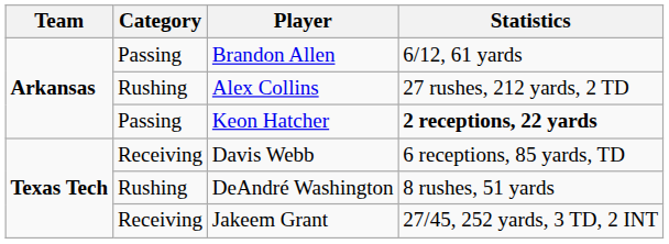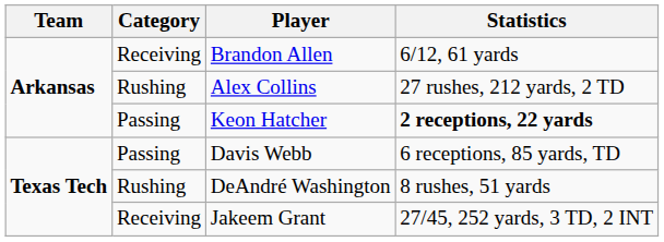 <table class="wikitable" style="float: right;">
 <tr>
 <th>Team</th>
 <th>Category</th>
 <th>Player</th>
 <th>Statistics</th>
 </tr>
 <tr>
 <td rowspan=3><strong>Arkansas</strong></td>
-<td>Passing</td>
+<td>Receiving</td>
 <td><a href='#'>Brandon Allen</a></td>
 <td>6/12, 61 yards</td>
 </tr>
 <tr>
 <td>Rushing</td>
 <td><a href='#'>Alex Collins</a></td>
 <td>27 rushes, 212 yards, 2 TD</td>
 </tr>
 <tr>
 <td>Passing</td>
 <td><a href='#'>Keon Hatcher</a></td>
 <td><strong>2 receptions, 22 yards</strong></td>
 </tr>
 <tr>
 <td rowspan=3><strong>Texas Tech</strong></td>
-<td>Receiving</td>
+<td>Passing</td>
 <td>Davis Webb</td>
 <td>6 receptions, 85 yards, TD</td>
 </tr>
 <tr>
 <td>Rushing</td>
 <td>DeAndré Washington</td>
 <td>8 rushes, 51 yards</td>
 </tr>
 <tr>
 <td>Receiving</td>
 <td>Jakeem Grant</td>
 <td>27/45, 252 yards, 3 TD, 2 INT</td>
 </tr>
 </table>
